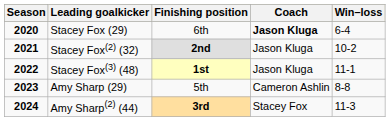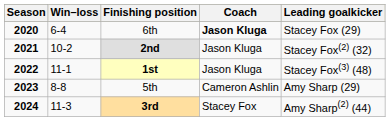 <table class="wikitable">
 <tr style="background:#bdb76b;">
 <th>Season</th>
-<th>Leading goalkicker</th>
+<th>Win–loss</th>
 <th>Finishing position</th>
 <th>Coach</th>
-<th>Win–loss</th>
+<th>Leading goalkicker</th>
 </tr>
 <tr>
 <td align="center"><strong>2020</strong></td>
-<td>Stacey Fox (29)</td>
+<td>6-4</td>
 <td align="center">6th</td>
 <td><strong>Jason Kluga</strong></td>
-<td>6-4</td>
+<td>Stacey Fox (29)</td>
 </tr>
 <tr>
 <td align="center"><strong>2021</strong></td>
-<td>Stacey Fox<sup>(2)</sup> (32)</td>
+<td>10-2</td>
 <td align="center" style="background: #dfdfdf"><strong>2nd</strong></td>
 <td>Jason Kluga</td>
-<td>10-2</td>
+<td>Stacey Fox<sup>(2)</sup> (32)</td>
 </tr>
 <tr>
 <td align="center"><strong>2022</strong></td>
-<td>Stacey Fox<sup>(3)</sup> (48)</td>
+<td>11-1</td>
 <td align="center" style="background: #ffffbf"><strong>1st</strong></td>
 <td>Jason Kluga</td>
-<td>11-1</td>
+<td>Stacey Fox<sup>(3)</sup> (48)</td>
 </tr>
 <tr>
 <td align="center"><strong>2023</strong></td>
-<td>Amy Sharp (29)</td>
+<td>8-8</td>
 <td align="center">5th</td>
 <td>Cameron Ashlin</td>
-<td>8-8</td>
+<td>Amy Sharp (29)</td>
 </tr>
 <tr>
 <td align="center"><strong>2024</strong></td>
-<td>Amy Sharp<sup>(2)</sup> (44)</td>
+<td>11-3</td>
 <td align="center" style="background: #ffdf9f"><strong>3rd</strong></td>
 <td>Stacey Fox</td>
-<td>11-3</td>
+<td>Amy Sharp<sup>(2)</sup> (44)</td>
 </tr>
 </table>
